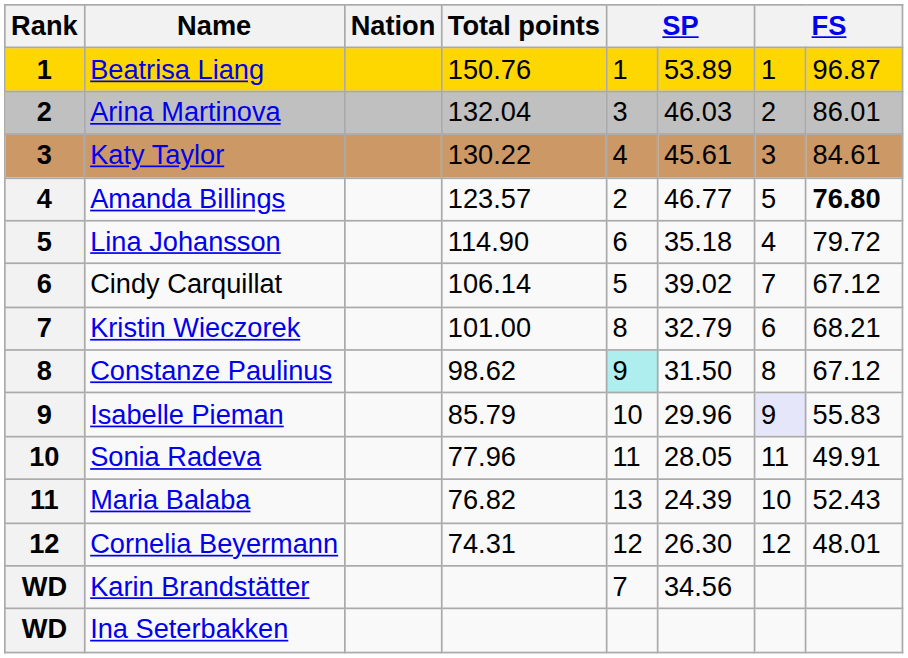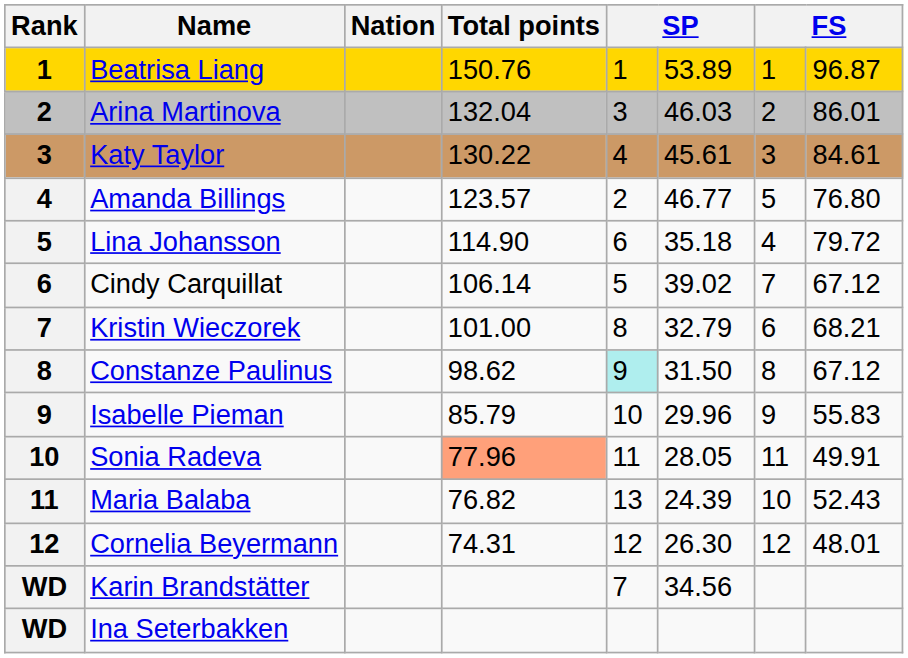 <table class="wikitable">
 <tr>
 <th>Rank</th>
 <th>Name</th>
 <th>Nation</th>
 <th>Total points</th>
 <th colspan="2" width="80px"><a href='#'>SP</a></th>
 <th colspan="2" width="80px"><a href='#'>FS</a></th>
 </tr>
 <tr bgcolor="gold">
 <td align="center"><strong>1</strong></td>
 <td><a href='#'>Beatrisa Liang</a></td>
 <td></td>
 <td>150.76</td>
 <td>1</td>
 <td>53.89</td>
 <td>1</td>
 <td>96.87</td>
 </tr>
 <tr bgcolor="silver">
 <td align="center"><strong>2</strong></td>
 <td><a href='#'>Arina Martinova</a></td>
 <td></td>
 <td>132.04</td>
 <td>3</td>
 <td>46.03</td>
 <td>2</td>
 <td>86.01</td>
 </tr>
 <tr bgcolor="cc9966">
 <td align="center"><strong>3</strong></td>
 <td><a href='#'>Katy Taylor</a></td>
 <td></td>
 <td>130.22</td>
 <td>4</td>
 <td>45.61</td>
 <td>3</td>
 <td>84.61</td>
 </tr>
 <tr>
 <th>4</th>
 <td><a href='#'>Amanda Billings</a></td>
 <td></td>
 <td>123.57</td>
 <td>2</td>
 <td>46.77</td>
 <td>5</td>
-<td><strong>76.80</strong></td>
+<td>76.80</td>
 </tr>
 <tr>
 <th>5</th>
 <td><a href='#'>Lina Johansson</a></td>
 <td></td>
 <td>114.90</td>
 <td>6</td>
 <td>35.18</td>
 <td>4</td>
 <td>79.72</td>
 </tr>
 <tr>
 <th>6</th>
 <td>Cindy Carquillat</td>
 <td></td>
 <td>106.14</td>
 <td>5</td>
 <td>39.02</td>
 <td>7</td>
 <td>67.12</td>
 </tr>
 <tr>
 <th>7</th>
 <td><a href='#'>Kristin Wieczorek</a></td>
 <td></td>
 <td>101.00</td>
 <td>8</td>
 <td>32.79</td>
 <td>6</td>
 <td>68.21</td>
 </tr>
 <tr>
 <th>8</th>
 <td><a href='#'>Constanze Paulinus</a></td>
 <td></td>
 <td>98.62</td>
 <td style="background: paleturquoise;">9</td>
 <td>31.50</td>
 <td>8</td>
 <td>67.12</td>
 </tr>
 <tr>
 <th>9</th>
 <td><a href='#'>Isabelle Pieman</a></td>
 <td></td>
 <td>85.79</td>
 <td>10</td>
 <td>29.96</td>
-<td style="background: lavender;">9</td>
+<td>9</td>
 <td>55.83</td>
 </tr>
 <tr>
 <th>10</th>
 <td><a href='#'>Sonia Radeva</a></td>
 <td></td>
-<td>77.96</td>
+<td style="background: lightsalmon;">77.96</td>
 <td>11</td>
 <td>28.05</td>
 <td>11</td>
 <td>49.91</td>
 </tr>
 <tr>
 <th>11</th>
 <td><a href='#'>Maria Balaba</a></td>
 <td></td>
 <td>76.82</td>
 <td>13</td>
 <td>24.39</td>
 <td>10</td>
 <td>52.43</td>
 </tr>
 <tr>
 <th>12</th>
 <td><a href='#'>Cornelia Beyermann</a></td>
 <td></td>
 <td>74.31</td>
 <td>12</td>
 <td>26.30</td>
 <td>12</td>
 <td>48.01</td>
 </tr>
 <tr>
 <th>WD</th>
 <td><a href='#'>Karin Brandstätter</a></td>
 <td></td>
 <td></td>
 <td>7</td>
 <td>34.56</td>
 <td></td>
 <td></td>
 </tr>
 <tr>
 <th>WD</th>
 <td><a href='#'>Ina Seterbakken</a></td>
 <td></td>
 <td></td>
 <td></td>
 <td></td>
 <td></td>
 <td></td>
 </tr>
 </table>
